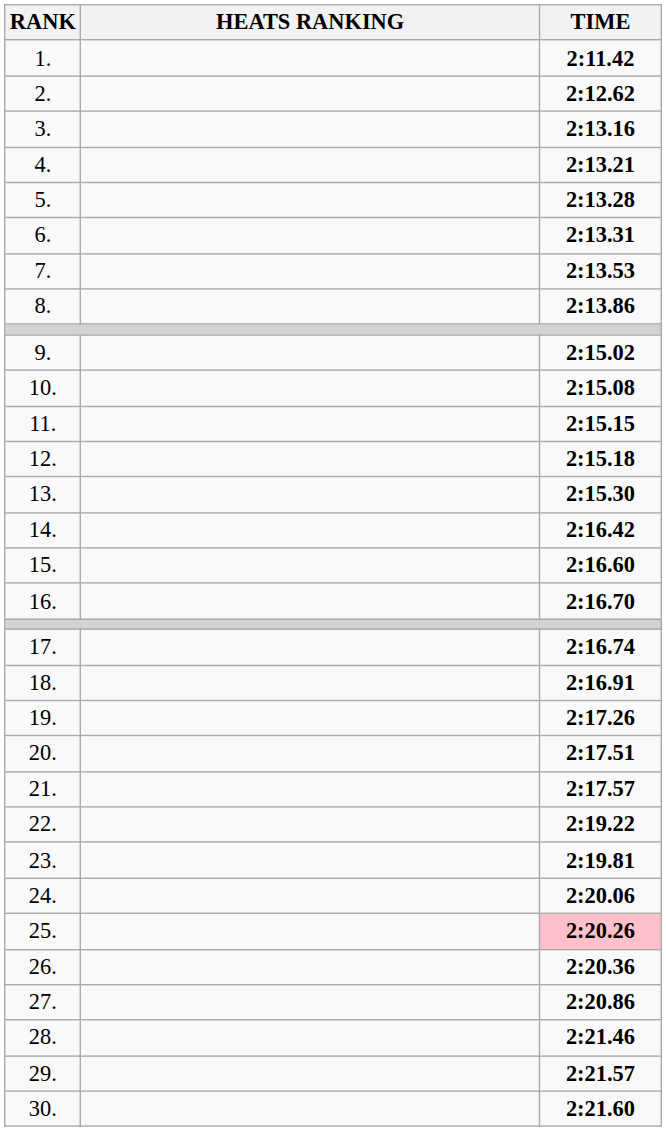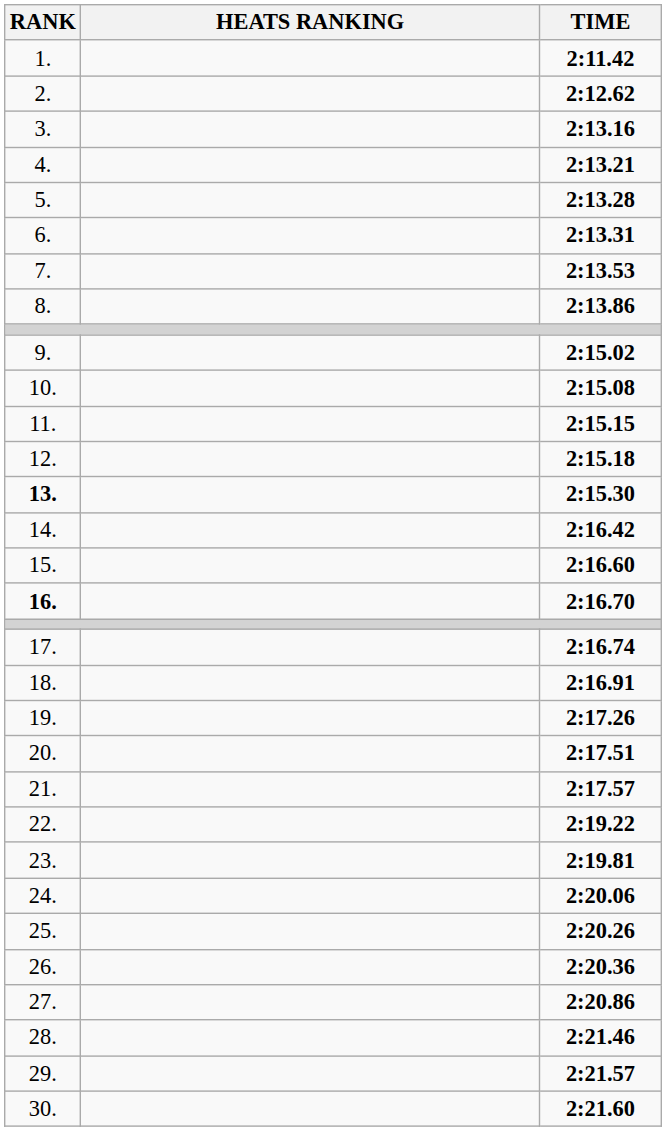 <table class="wikitable">
 <tr>
 <th>RANK</th>
 <th style="width: 20em">HEATS RANKING</th>
 <th style="width: 5em">TIME</th>
 </tr>
 <tr>
 <td align="center">1.</td>
 <td></td>
 <td align="center"><strong>2:11.42</strong></td>
 </tr>
 <tr>
 <td align="center">2.</td>
 <td></td>
 <td align="center"><strong>2:12.62</strong></td>
 </tr>
 <tr>
 <td align="center">3.</td>
 <td></td>
 <td align="center"><strong>2:13.16</strong></td>
 </tr>
 <tr>
 <td align="center">4.</td>
 <td></td>
 <td align="center"><strong>2:13.21</strong></td>
 </tr>
 <tr>
 <td align="center">5.</td>
 <td></td>
 <td align="center"><strong>2:13.28</strong></td>
 </tr>
 <tr>
 <td align="center">6.</td>
 <td></td>
 <td align="center"><strong>2:13.31</strong></td>
 </tr>
 <tr>
 <td align="center">7.</td>
 <td></td>
 <td align="center"><strong>2:13.53</strong></td>
 </tr>
 <tr>
 <td align="center">8.</td>
 <td></td>
 <td align="center"><strong>2:13.86</strong></td>
 </tr>
 <tr>
 <td colspan=3 bgcolor=lightgray></td>
 </tr>
 <tr>
 <td align="center">9.</td>
 <td></td>
 <td align="center"><strong>2:15.02</strong></td>
 </tr>
 <tr>
 <td align="center">10.</td>
 <td></td>
 <td align="center"><strong>2:15.08</strong></td>
 </tr>
 <tr>
 <td align="center">11.</td>
 <td></td>
 <td align="center"><strong>2:15.15</strong></td>
 </tr>
 <tr>
 <td align="center">12.</td>
 <td></td>
 <td align="center"><strong>2:15.18</strong></td>
 </tr>
 <tr>
-<td align="center">13.</td>
+<td align="center"><strong>13.</strong></td>
 <td></td>
 <td align="center"><strong>2:15.30</strong></td>
 </tr>
 <tr>
 <td align="center">14.</td>
 <td></td>
 <td align="center"><strong>2:16.42</strong></td>
 </tr>
 <tr>
 <td align="center">15.</td>
 <td></td>
 <td align="center"><strong>2:16.60</strong></td>
 </tr>
 <tr>
-<td align="center">16.</td>
+<td align="center"><strong>16.</strong></td>
 <td></td>
 <td align="center"><strong>2:16.70</strong></td>
 </tr>
 <tr>
 <td colspan=3 bgcolor=lightgray></td>
 </tr>
 <tr>
 <td align="center">17.</td>
 <td></td>
 <td align="center"><strong>2:16.74 </strong></td>
 </tr>
 <tr>
 <td align="center">18.</td>
 <td></td>
 <td align="center"><strong>2:16.91 </strong></td>
 </tr>
 <tr>
 <td align="center">19.</td>
 <td></td>
 <td align="center"><strong>2:17.26 </strong></td>
 </tr>
 <tr>
 <td align="center">20.</td>
 <td></td>
 <td align="center"><strong>2:17.51 </strong></td>
 </tr>
 <tr>
 <td align="center">21.</td>
 <td></td>
 <td align="center"><strong>2:17.57 </strong></td>
 </tr>
 <tr>
 <td align="center">22.</td>
 <td></td>
 <td align="center"><strong>2:19.22 </strong></td>
 </tr>
 <tr>
 <td align="center">23.</td>
 <td></td>
 <td align="center"><strong>2:19.81 </strong></td>
 </tr>
 <tr>
 <td align="center">24.</td>
 <td></td>
 <td align="center"><strong>2:20.06 </strong></td>
 </tr>
 <tr>
 <td align="center">25.</td>
 <td></td>
-<td align="center" style="background: pink;"><strong>2:20.26 </strong></td>
+<td align="center"><strong>2:20.26 </strong></td>
 </tr>
 <tr>
 <td align="center">26.</td>
 <td></td>
 <td align="center"><strong>2:20.36 </strong></td>
 </tr>
 <tr>
 <td align="center">27.</td>
 <td></td>
 <td align="center"><strong>2:20.86 </strong></td>
 </tr>
 <tr>
 <td align="center">28.</td>
 <td></td>
 <td align="center"><strong>2:21.46 </strong></td>
 </tr>
 <tr>
 <td align="center">29.</td>
 <td></td>
 <td align="center"><strong>2:21.57 </strong></td>
 </tr>
 <tr>
 <td align="center">30.</td>
 <td></td>
 <td align="center"><strong>2:21.60 </strong></td>
 </tr>
 </table>
